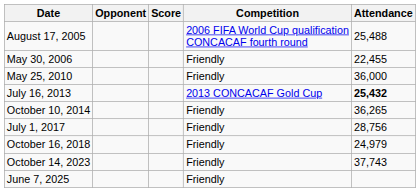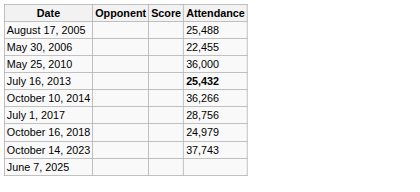 <table class="wikitable" style="font-size: 95%;text-align: ;">
 <tr>
 <th>Date</th>
 <th>Opponent</th>
 <th>Score</th>
-<th>Competition</th>
 <th>Attendance</th>
 </tr>
 <tr>
 <td>August 17, 2005</td>
 <td></td>
 <td></td>
-<td><a href='#'>2006 FIFA World Cup qualification<br>CONCACAF fourth round</a></td>
 <td>25,488</td>
 </tr>
 <tr>
 <td>May 30, 2006</td>
 <td></td>
 <td></td>
-<td>Friendly</td>
 <td>22,455</td>
 </tr>
 <tr>
 <td>May 25, 2010</td>
 <td></td>
 <td></td>
-<td>Friendly</td>
 <td>36,000</td>
 </tr>
 <tr>
 <td>July 16, 2013</td>
 <td></td>
 <td></td>
-<td><a href='#'>2013 CONCACAF Gold Cup</a></td>
 <td><strong>25,432</strong></td>
 </tr>
 <tr>
 <td>October 10, 2014</td>
 <td></td>
 <td></td>
-<td>Friendly</td>
-<td>36,265</td>
+<td>36,266</td>
 </tr>
 <tr>
 <td>July 1, 2017</td>
 <td></td>
 <td></td>
-<td>Friendly</td>
 <td>28,756</td>
 </tr>
 <tr>
 <td>October 16, 2018</td>
 <td></td>
 <td></td>
-<td>Friendly</td>
 <td>24,979</td>
 </tr>
 <tr>
 <td>October 14, 2023</td>
 <td></td>
 <td></td>
-<td>Friendly</td>
 <td>37,743</td>
 </tr>
 <tr>
 <td>June 7, 2025</td>
 <td></td>
 <td></td>
-<td>Friendly</td>
 <td></td>
 </tr>
 </table>
